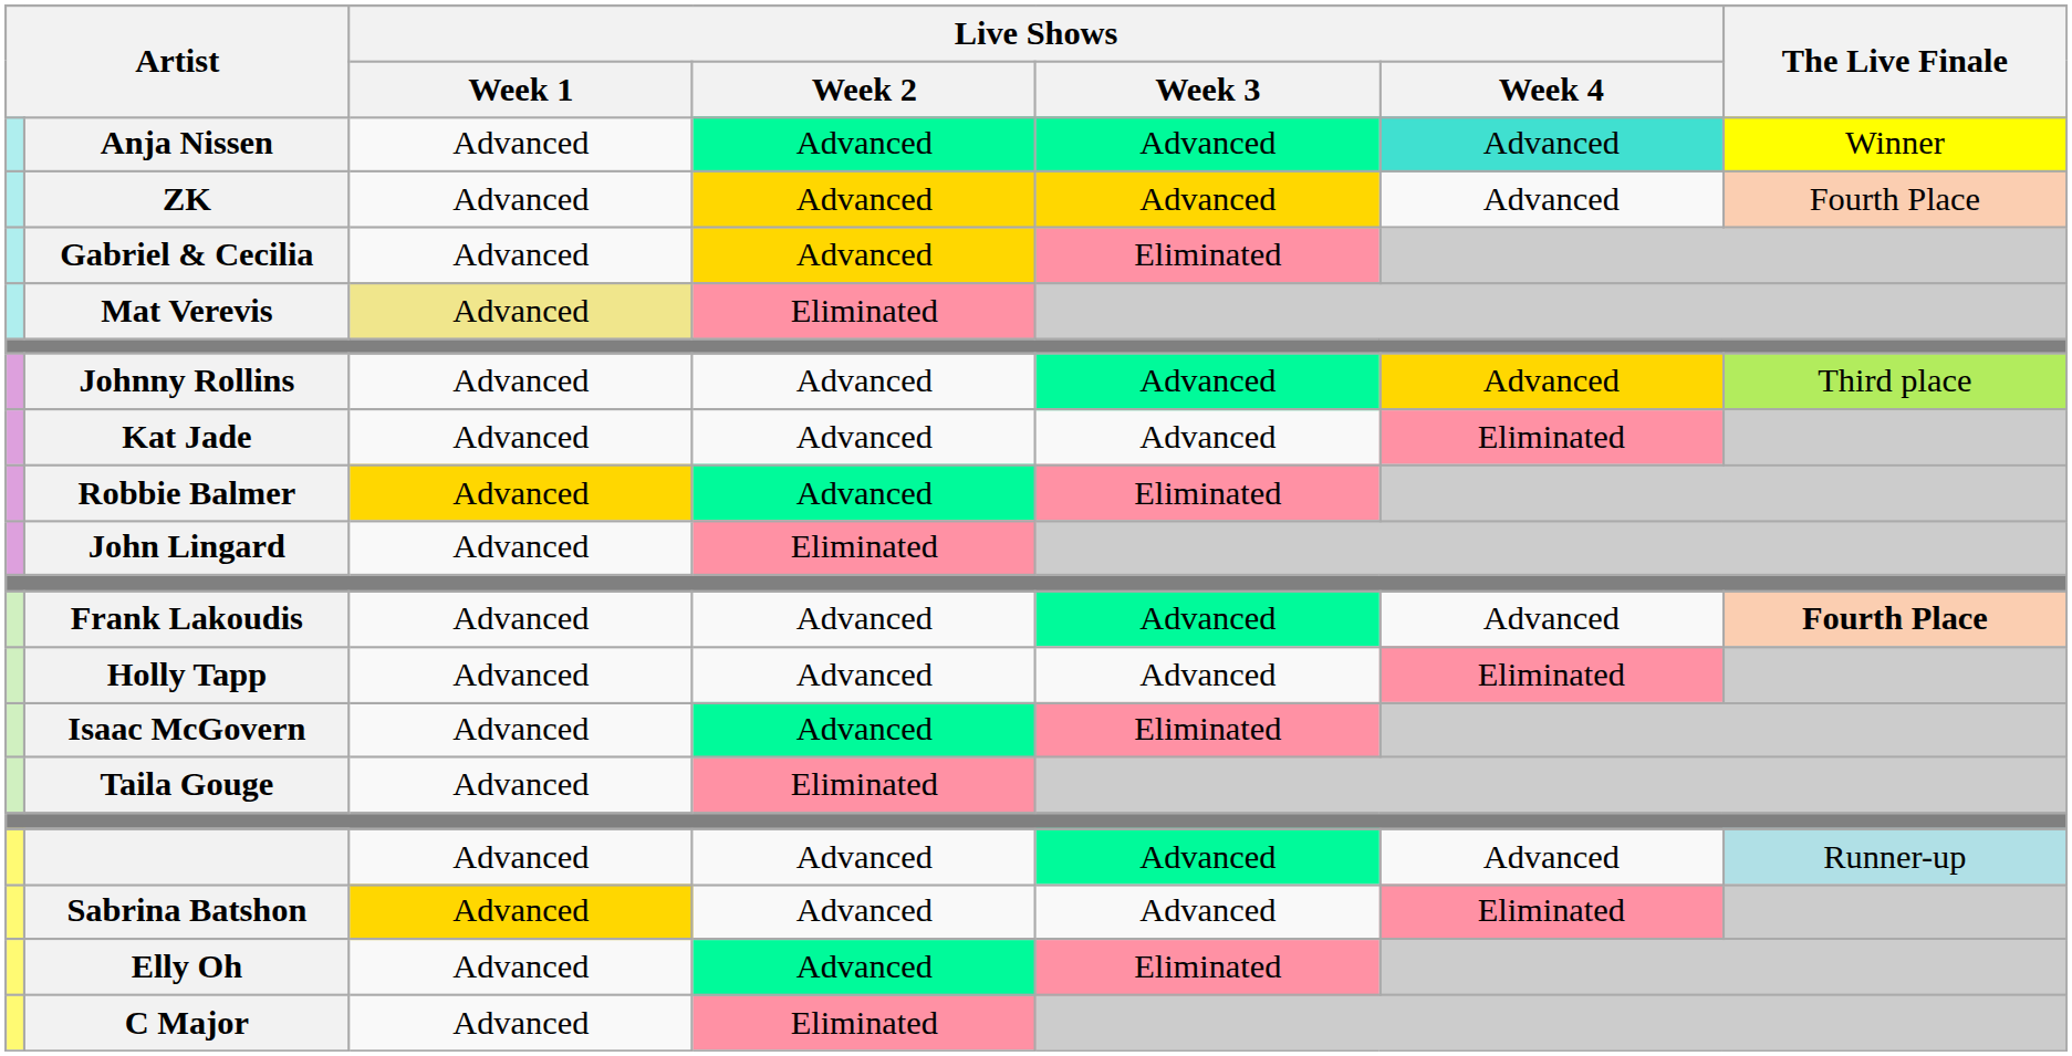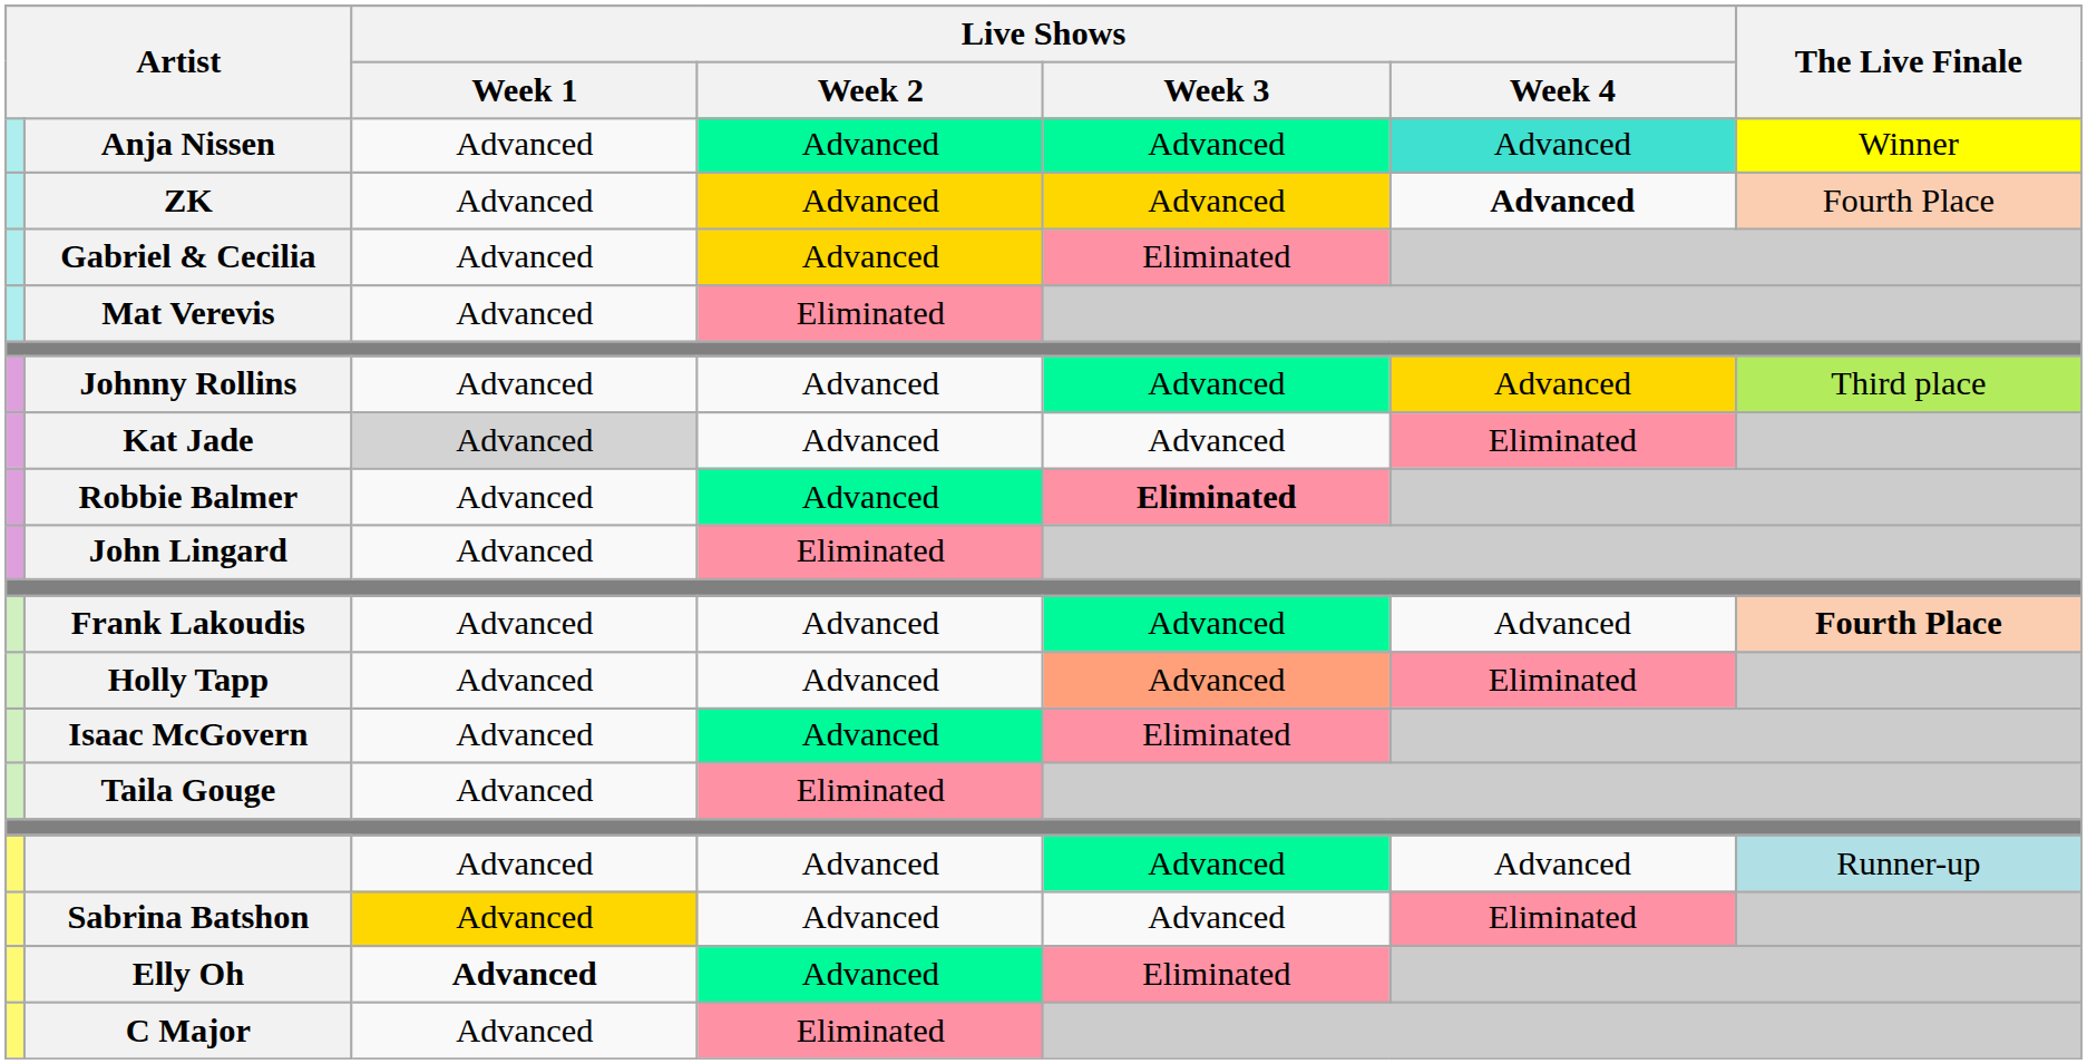 <table class="wikitable"  style="font-size:90%; text-align:center; width:100%;">
 <tr>
 </tr>
 <tr>
 <th rowspan="2" colspan="2" width="15%">Artist</th>
 <th colspan="4" width="60%">Live Shows</th>
 <th rowspan="2" width="15%">The Live Finale</th>
 </tr>
 <tr>
 <th Width="15%">Week 1</th>
 <th width="15%">Week 2</th>
 <th width="15%">Week 3</th>
 <th width="15%">Week 4</th>
 </tr>
 <tr>
 <th style="background:#afeeee;"></th>
 <th>Anja Nissen</th>
 <td>Advanced</td>
 <td style="background:#00FA9A;">Advanced</td>
 <td style="background:#00FA9A;">Advanced</td>
 <td style="background:turquoise;">Advanced</td>
 <td style="background:yellow;">Winner</td>
 </tr>
 <tr>
 <th style="background:#afeeee;"></th>
 <th>ZK</th>
 <td>Advanced</td>
 <td style="background:gold;">Advanced </td>
 <td style="background:gold;">Advanced </td>
-<td>Advanced</td>
+<td><strong>Advanced</strong></td>
 <td style="background:#FBCEB1;">Fourth Place</td>
 </tr>
 <tr>
 <th style="background:#afeeee;"></th>
 <th>Gabriel & Cecilia</th>
 <td>Advanced</td>
 <td style="background:gold;">Advanced </td>
 <td style="background:#FF91A4;">Eliminated</td>
 <td colspan="3" style="background:#ccc;"></td>
 </tr>
 <tr>
 <th style="background:#afeeee;"></th>
 <th>Mat Verevis</th>
-<td style="background: khaki;">Advanced</td>
+<td>Advanced</td>
 <td style="background:#FF91A4;">Eliminated</td>
 <td colspan="4" style="background:#ccc;"></td>
 </tr>
 <tr>
 <th colspan="8" style="background:gray;"></th>
 </tr>
 <tr>
 <th style="background:#dda0dd;"></th>
 <th>Johnny Rollins</th>
 <td>Advanced</td>
 <td>Advanced</td>
 <td style="background:#00fa9a;">Advanced </td>
 <td style="background:gold;">Advanced </td>
 <td style="background:#B2EC5D;">Third place</td>
 </tr>
 <tr>
 <th style="background:#dda0dd;"></th>
 <th>Kat Jade</th>
-<td>Advanced</td>
+<td style="background: lightgrey;">Advanced</td>
 <td>Advanced</td>
 <td>Advanced</td>
 <td style="background:#FF91A4;">Eliminated</td>
 <td colspan="2" style="background:#ccc;"></td>
 </tr>
 <tr>
 <th style="background:#dda0dd;"></th>
 <th>Robbie Balmer</th>
-<td style="background: gold;">Advanced</td>
+<td>Advanced</td>
 <td style="background:#00FA9A;">Advanced</td>
-<td style="background:#FF91A4;">Eliminated</td>
+<td style="background:#FF91A4;"><strong>Eliminated</strong></td>
 <td colspan="3" style="background:#ccc;"></td>
 </tr>
 <tr>
 <th style="background:#dda0dd;"></th>
 <th>John Lingard</th>
 <td>Advanced</td>
 <td style="background:#FF91A4;">Eliminated</td>
 <td colspan="5" style="background:#ccc;"></td>
 </tr>
 <tr>
 <th colspan="8" style="background:gray;"></th>
 </tr>
 <tr>
 <th style="background:#d0f0c0;"></th>
 <th>Frank Lakoudis</th>
 <td>Advanced</td>
 <td>Advanced</td>
 <td style="background:#00FA9A;">Advanced</td>
 <td>Advanced</td>
 <td style="background:#FBCEB1;"><strong>Fourth Place</strong></td>
 </tr>
 <tr>
 <th style="background:#d0f0c0;"></th>
 <th>Holly Tapp</th>
 <td>Advanced</td>
 <td>Advanced</td>
-<td>Advanced</td>
+<td style="background: lightsalmon;">Advanced</td>
 <td style="background:#FF91A4;">Eliminated</td>
 <td colspan="2" style="background:#ccc;"></td>
 </tr>
 <tr>
 <th style="background:#d0f0c0;"></th>
 <th>Isaac McGovern</th>
 <td>Advanced</td>
 <td style="background:#00FA9A;">Advanced</td>
 <td style="background:#FF91A4;">Eliminated</td>
 <td colspan="4" style="background:#ccc;"></td>
 </tr>
 <tr>
 <th style="background:#d0f0c0;"></th>
 <th>Taila Gouge</th>
 <td>Advanced</td>
 <td style="background:#FF91A4;">Eliminated</td>
 <td colspan="5" style="background:#ccc;"></td>
 </tr>
 <tr>
 <th colspan="8" style="background:gray;"></th>
 </tr>
 <tr>
 <th style="background:#fffa73;"></th>
 <th></th>
 <td>Advanced</td>
 <td>Advanced</td>
 <td style="background:#00FA9A;">Advanced</td>
 <td>Advanced</td>
 <td style="background:#B0E0E6;">Runner-up</td>
 </tr>
 <tr>
 <th style="background:#fffa73;"></th>
 <th>Sabrina Batshon</th>
 <td style="background:gold;">Advanced </td>
 <td>Advanced</td>
 <td>Advanced</td>
 <td style="background:#FF91A4;">Eliminated</td>
 <td colspan="3" style="background:#ccc;"></td>
 </tr>
 <tr>
 <th style="background:#fffa73;"></th>
 <th>Elly Oh</th>
-<td>Advanced</td>
+<td><strong>Advanced</strong></td>
 <td style="background:#00FA9A;">Advanced</td>
 <td style="background:#FF91A4;">Eliminated</td>
 <td colspan="4" style="background:#ccc;"></td>
 </tr>
 <tr>
 <th style="background:#fffa73;"></th>
 <th>C Major</th>
 <td>Advanced</td>
 <td style="background:#FF91A4;">Eliminated</td>
 <td colspan="5" style="background:#ccc;"></td>
 </tr>
 </table>
